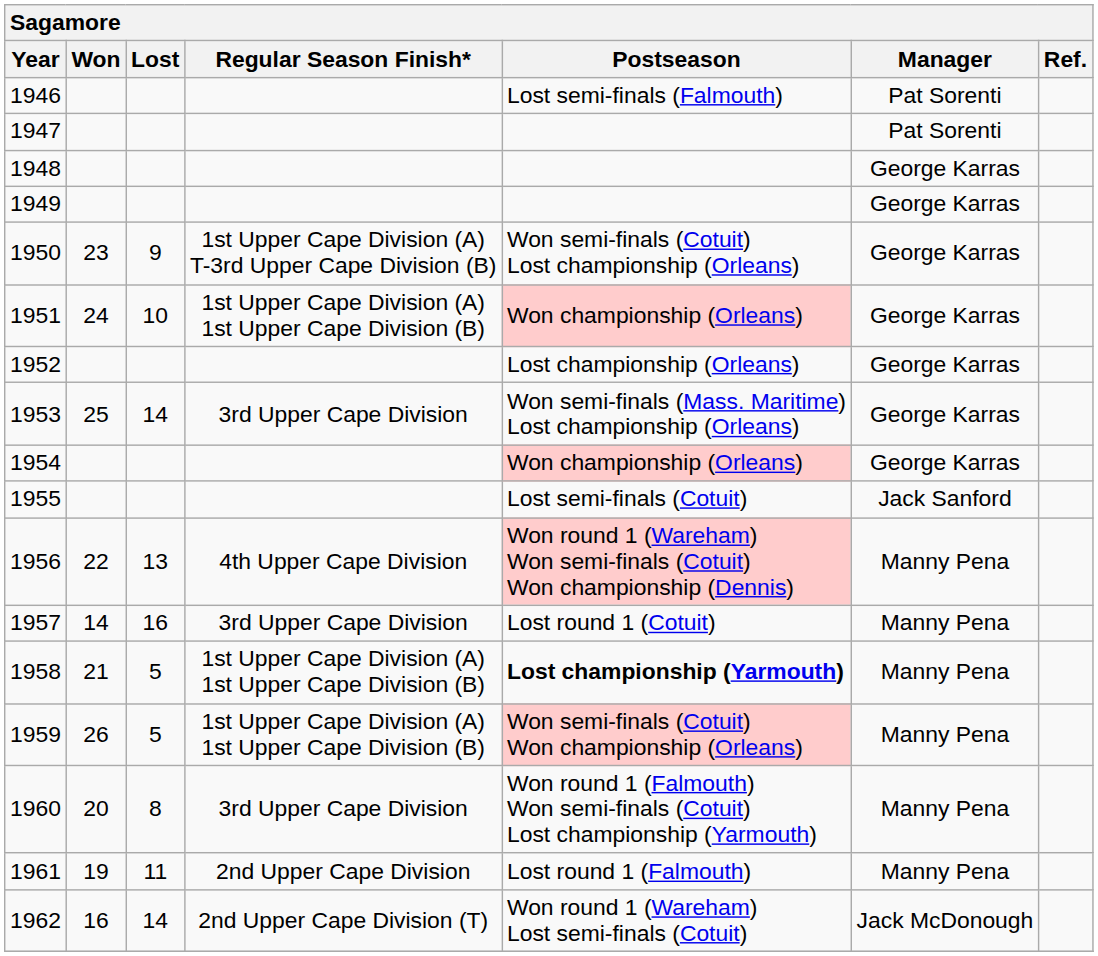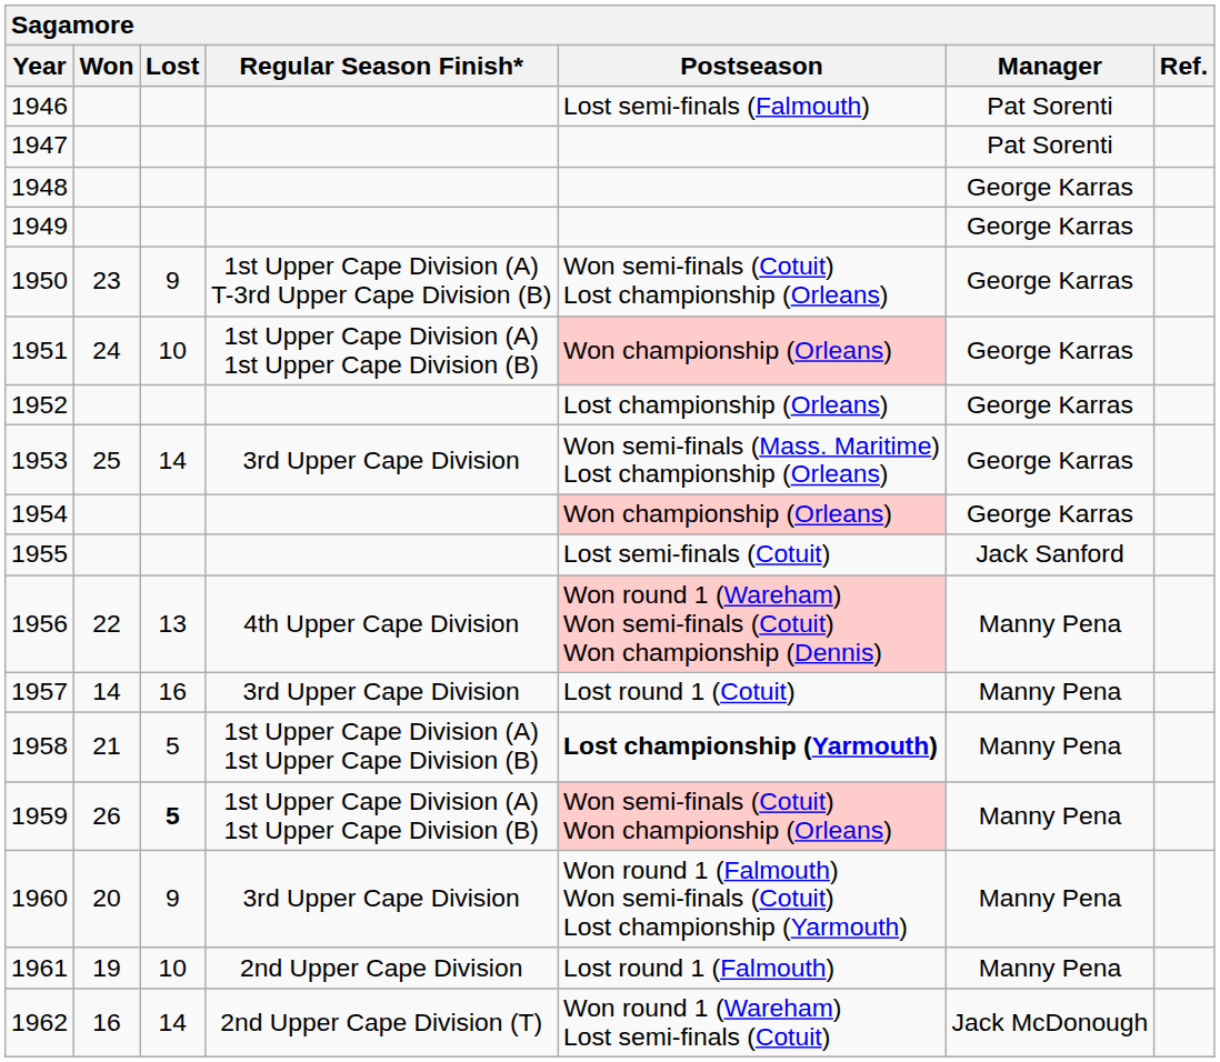 <table class="wikitable" style="text-align:center">
 <tr>
 <th style="text-align:left" colspan="7"><strong><span>Sagamore</span></strong></th>
 </tr>
 <tr>
 <th scope="col">Year</th>
 <th scope="col">Won</th>
 <th scope="col">Lost</th>
 <th scope="col">Regular Season Finish*</th>
 <th scope="col">Postseason</th>
 <th scope="col">Manager</th>
 <th scope="col">Ref.</th>
 </tr>
 <tr>
 <td>1946</td>
 <td></td>
 <td></td>
 <td></td>
 <td style="text-align:left">Lost semi-finals (<a href='#'>Falmouth</a>)</td>
 <td>Pat Sorenti</td>
 <td></td>
 </tr>
 <tr>
 <td>1947</td>
 <td></td>
 <td></td>
 <td></td>
 <td></td>
 <td>Pat Sorenti</td>
 <td></td>
 </tr>
 <tr>
 <td>1948</td>
 <td></td>
 <td></td>
 <td></td>
 <td></td>
 <td>George Karras</td>
 <td></td>
 </tr>
 <tr>
 <td>1949</td>
 <td></td>
 <td></td>
 <td></td>
 <td></td>
 <td>George Karras</td>
 <td></td>
 </tr>
 <tr>
 <td>1950</td>
 <td>23</td>
 <td>9</td>
 <td>1st Upper Cape Division (A)<br>T-3rd Upper Cape Division (B)</td>
 <td style="text-align:left">Won semi-finals (<a href='#'>Cotuit</a>)<br>Lost championship (<a href='#'>Orleans</a>)</td>
 <td>George Karras</td>
 <td></td>
 </tr>
 <tr>
 <td>1951</td>
 <td>24</td>
 <td>10</td>
 <td>1st Upper Cape Division (A)<br>1st Upper Cape Division (B)</td>
 <td style="text-align:left" bgcolor=#ffcccc>Won championship (<a href='#'>Orleans</a>)</td>
 <td>George Karras</td>
 <td></td>
 </tr>
 <tr>
 <td>1952</td>
 <td></td>
 <td></td>
 <td></td>
 <td style="text-align:left">Lost championship (<a href='#'>Orleans</a>)</td>
 <td>George Karras</td>
 <td></td>
 </tr>
 <tr>
 <td>1953</td>
 <td>25</td>
 <td>14</td>
 <td>3rd Upper Cape Division</td>
 <td style="text-align:left">Won semi-finals (<a href='#'>Mass. Maritime</a>)<br>Lost championship (<a href='#'>Orleans</a>)</td>
 <td>George Karras</td>
 <td></td>
 </tr>
 <tr>
 <td>1954</td>
 <td></td>
 <td></td>
 <td></td>
 <td style="text-align:left" bgcolor=#ffcccc>Won championship (<a href='#'>Orleans</a>)</td>
 <td>George Karras</td>
 <td></td>
 </tr>
 <tr>
 <td>1955</td>
 <td></td>
 <td></td>
 <td></td>
 <td style="text-align:left">Lost semi-finals (<a href='#'>Cotuit</a>)</td>
 <td>Jack Sanford</td>
 <td></td>
 </tr>
 <tr>
 <td>1956</td>
 <td>22</td>
 <td>13</td>
 <td>4th Upper Cape Division</td>
 <td style="text-align:left" bgcolor=#ffcccc>Won round 1 (<a href='#'>Wareham</a>) <br>Won semi-finals (<a href='#'>Cotuit</a>)<br>Won championship (<a href='#'>Dennis</a>)</td>
 <td>Manny Pena</td>
 <td></td>
 </tr>
 <tr>
 <td>1957</td>
 <td>14</td>
 <td>16</td>
 <td>3rd Upper Cape Division</td>
 <td style="text-align:left">Lost round 1 (<a href='#'>Cotuit</a>)</td>
 <td>Manny Pena</td>
 <td></td>
 </tr>
 <tr>
 <td>1958</td>
 <td>21</td>
 <td>5</td>
 <td>1st Upper Cape Division (A)<br>1st Upper Cape Division (B)</td>
 <td style="text-align:left"><strong>Lost championship (<a href='#'>Yarmouth</a>)</strong></td>
 <td>Manny Pena</td>
 <td></td>
 </tr>
 <tr>
 <td>1959</td>
 <td>26</td>
-<td>5</td>
+<td><strong>5</strong></td>
 <td>1st Upper Cape Division (A)<br>1st Upper Cape Division (B)</td>
 <td style="text-align:left" bgcolor=#ffcccc>Won semi-finals (<a href='#'>Cotuit</a>)<br>Won championship (<a href='#'>Orleans</a>)</td>
 <td>Manny Pena</td>
 <td></td>
 </tr>
 <tr>
 <td>1960</td>
 <td>20</td>
-<td>8</td>
+<td>9</td>
 <td>3rd Upper Cape Division</td>
 <td style="text-align:left">Won round 1 (<a href='#'>Falmouth</a>)<br>Won semi-finals (<a href='#'>Cotuit</a>) <br>Lost championship (<a href='#'>Yarmouth</a>)</td>
 <td>Manny Pena</td>
 <td></td>
 </tr>
 <tr>
 <td>1961</td>
 <td>19</td>
-<td>11</td>
+<td>10</td>
 <td>2nd Upper Cape Division</td>
 <td style="text-align:left">Lost round 1 (<a href='#'>Falmouth</a>)</td>
 <td>Manny Pena</td>
 <td></td>
 </tr>
 <tr>
 <td>1962</td>
 <td>16</td>
 <td>14</td>
 <td>2nd Upper Cape Division (T)</td>
 <td style="text-align:left">Won round 1 (<a href='#'>Wareham</a>) <br>Lost semi-finals (<a href='#'>Cotuit</a>)</td>
 <td>Jack McDonough</td>
 <td></td>
 </tr>
 <tr>
 </tr>
 </table>
